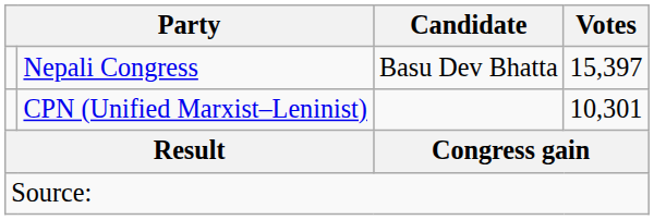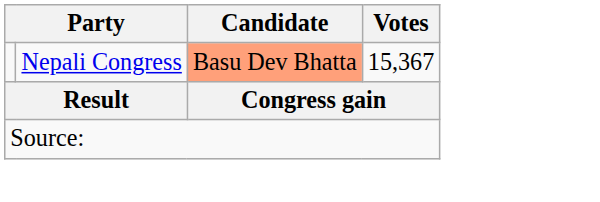 <table class="wikitable">
 <tr>
 <th colspan="2">Party</th>
 <th>Candidate</th>
 <th>Votes</th>
 </tr>
 <tr>
 <td style="background-color:"></td>
 <td><a href='#'>Nepali Congress</a></td>
-<td>Basu Dev Bhatta</td>
-<td>15,397</td>
-</tr>
-<tr>
-<td style="background-color:"></td>
-<td><a href='#'>CPN (Unified Marxist–Leninist)</a></td>
-<td></td>
-<td>10,301</td>
+<td style="background: lightsalmon;">Basu Dev Bhatta</td>
+<td>15,367</td>
 </tr>
 <tr>
 <th colspan="2">Result</th>
 <th colspan="2">Congress gain</th>
 </tr>
 <tr>
 <td colspan="4">Source: </td>
 </tr>
 </table>
